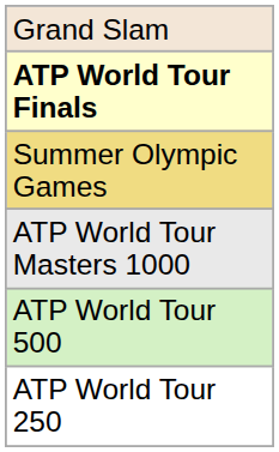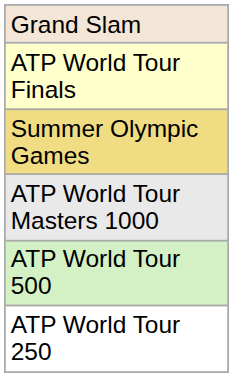 <table class="wikitable" style="font-size:85%;width:20%">
 <tr bgcolor=#F3E6D7>
 <td>Grand Slam</td>
 </tr>
 <tr bgcolor=#ffffcc>
-<td><strong>ATP World Tour Finals</strong></td>
+<td>ATP World Tour Finals</td>
 </tr>
 <tr bgcolor=#F0DC82>
 <td>Summer Olympic Games</td>
 </tr>
 <tr bgcolor=#E9E9E9>
 <td>ATP World Tour Masters 1000</td>
 </tr>
 <tr bgcolor=#D4F1C5>
 <td>ATP World Tour 500</td>
 </tr>
 <tr bgcolor=#ffffff>
 <td>ATP World Tour 250</td>
 </tr>
 </table>
